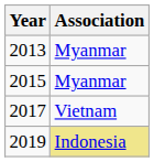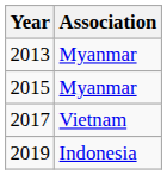 <table class="wikitable" style="font-size:95%;">
 <tr>
 <th>Year</th>
 <th>Association</th>
 </tr>
 <tr>
 <td>2013</td>
 <td> <a href='#'>Myanmar</a></td>
 </tr>
 <tr>
 <td>2015</td>
 <td> <a href='#'>Myanmar</a></td>
 </tr>
 <tr>
 <td>2017</td>
 <td> <a href='#'>Vietnam</a></td>
 </tr>
 <tr>
 <td>2019</td>
-<td style="background: khaki;"> <a href='#'>Indonesia</a></td>
+<td> <a href='#'>Indonesia</a></td>
 </tr>
 </table>
